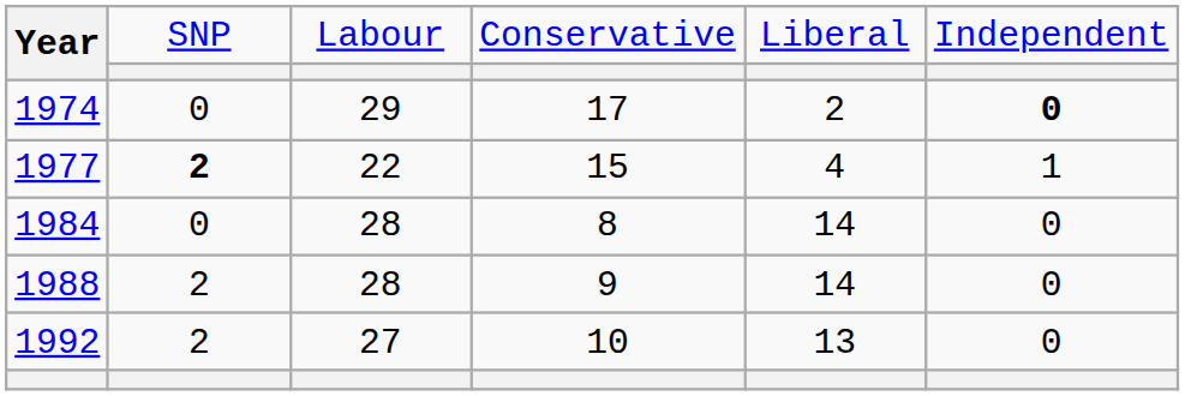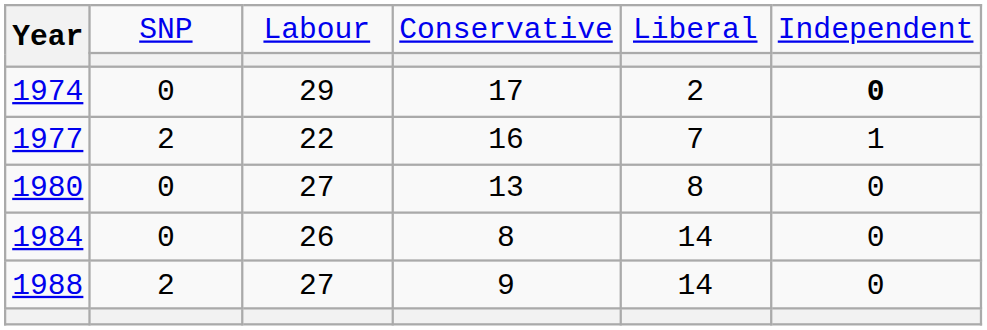 <table class=wikitable style=text-align:center>
 <tr>
 <th rowspan=2>Year</th>
 <td width="60"><a href='#'>SNP</a></td>
 <td width="60"><a href='#'>Labour</a></td>
 <td width="60"><a href='#'>Conservative</a></td>
 <td width="60"><a href='#'>Liberal</a></td>
 <td width="60"><a href='#'>Independent</a></td>
 </tr>
 <tr>
 <th style="background-color: "></th>
 <th style="background-color: "></th>
 <th style="background-color: "></th>
 <th style="background-color: "></th>
 <th style="background-color: "></th>
 </tr>
 <tr>
 <td><a href='#'>1974</a></td>
 <td>0</td>
 <td>29</td>
 <td>17</td>
 <td>2</td>
 <td><strong>0</strong></td>
 </tr>
 <tr>
 <td><a href='#'>1977</a></td>
-<td><strong>2</strong></td>
+<td>2</td>
 <td>22</td>
-<td>15</td>
-<td>4</td>
+<td>16</td>
+<td>7</td>
 <td>1</td>
+</tr>
+<tr>
+<td><a href='#'>1980</a></td>
+<td>0</td>
+<td>27</td>
+<td>13</td>
+<td>8</td>
+<td>0</td>
 </tr>
 <tr>
 <td><a href='#'>1984</a></td>
 <td>0</td>
-<td>28</td>
+<td>26</td>
 <td>8</td>
 <td>14</td>
 <td>0</td>
 </tr>
 <tr>
 <td><a href='#'>1988</a></td>
 <td>2</td>
-<td>28</td>
+<td>27</td>
 <td>9</td>
 <td>14</td>
-<td>0</td>
-</tr>
-<tr>
-<td><a href='#'>1992</a></td>
-<td>2</td>
-<td>27</td>
-<td>10</td>
-<td>13</td>
 <td>0</td>
 </tr>
 <tr>
 <th></th>
 <th style="background-color: "></th>
 <th style="background-color: "></th>
 <th style="background-color: "></th>
 <th style="background-color: "></th>
 <th style="background-color: "></th>
 </tr>
 </table>
